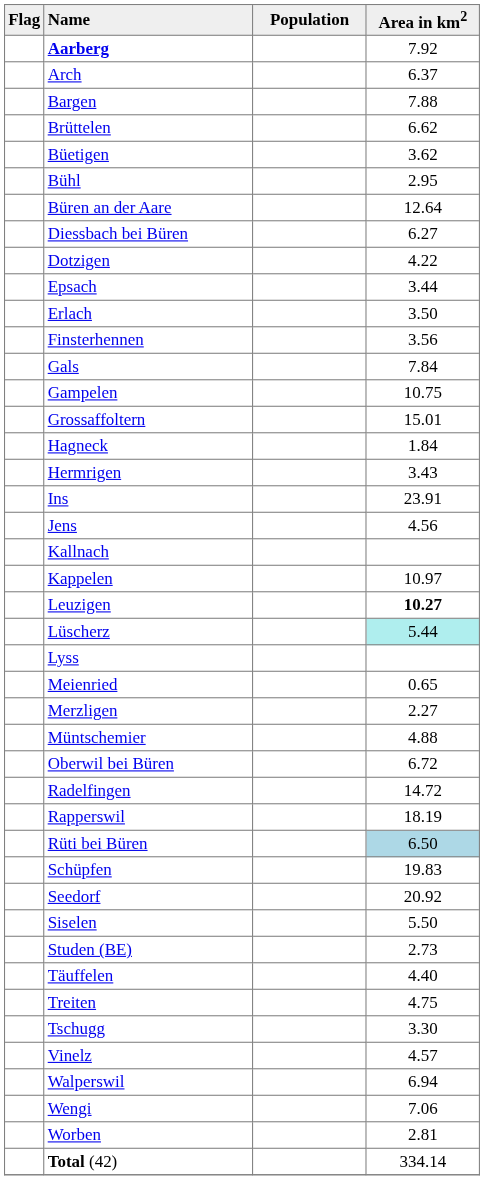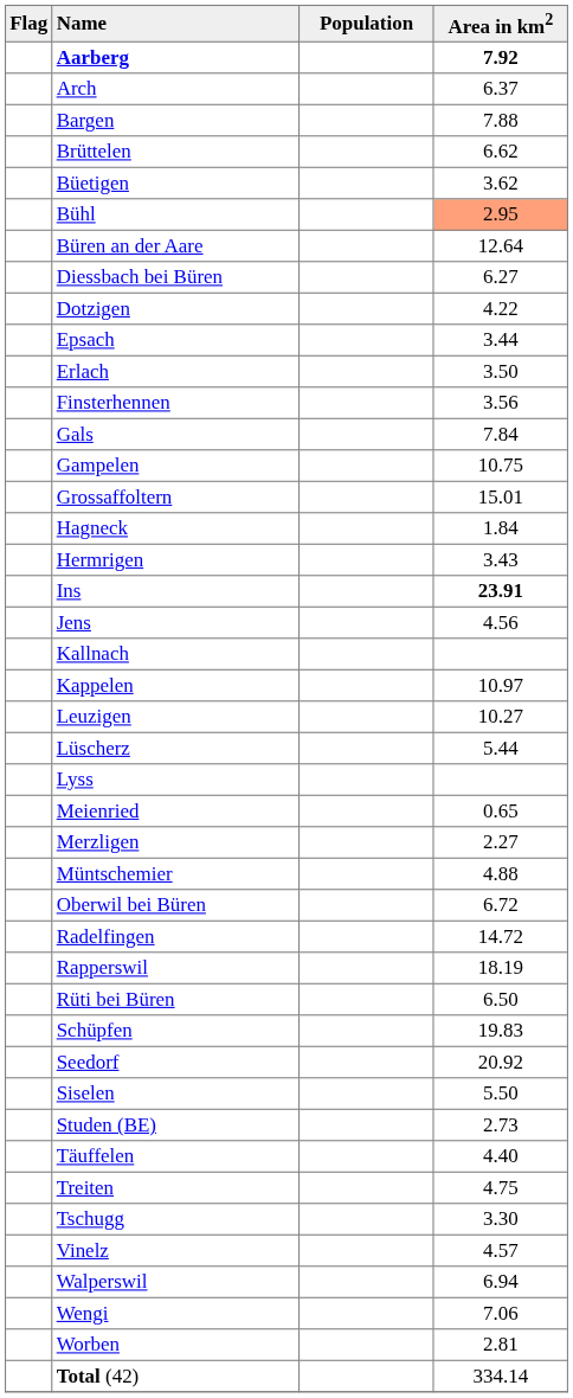 <table cellpadding="3" cellspacing="0" border="1" style="border: gray solid 1px; border-collapse: collapse;">
 <tr>
 <th colspan=1 align=center bgcolor="#EFEFEF">Flag</th>
 <th colspan=1 align=left bgcolor="#EFEFEF" width="190">Name</th>
 <th colspan=1 align=center bgcolor="#EFEFEF" width="100">Population<br></th>
 <th colspan=1 align=center bgcolor="#EFEFEF" width="100">Area in km<sup>2</sup></th>
 </tr>
 <tr>
 <td align="center"></td>
 <td><strong><a href='#'>Aarberg</a></strong></td>
 <td align="center"></td>
-<td align="center">7.92</td>
+<td align="center"><strong>7.92</strong></td>
 </tr>
 <tr>
 <td align="center"></td>
 <td><a href='#'>Arch</a></td>
 <td align="center"></td>
 <td align="center">6.37</td>
 </tr>
 <tr>
 <td align="center"></td>
 <td><a href='#'>Bargen</a></td>
 <td align="center"></td>
 <td align="center">7.88</td>
 </tr>
 <tr>
 <td align="center"></td>
 <td><a href='#'>Brüttelen</a></td>
 <td align="center"></td>
 <td align="center">6.62</td>
 </tr>
 <tr>
 <td align="center"></td>
 <td><a href='#'>Büetigen</a></td>
 <td align="center"></td>
 <td align="center">3.62</td>
 </tr>
 <tr>
 <td align="center"></td>
 <td><a href='#'>Bühl</a></td>
 <td align="center"></td>
-<td align="center">2.95</td>
+<td align="center" style="background: lightsalmon;">2.95</td>
 </tr>
 <tr>
 <td align="center"></td>
 <td><a href='#'>Büren an der Aare</a></td>
 <td align="center"></td>
 <td align="center">12.64</td>
 </tr>
 <tr>
 <td align="center"></td>
 <td><a href='#'>Diessbach bei Büren</a></td>
 <td align="center"></td>
 <td align="center">6.27</td>
 </tr>
 <tr>
 <td align="center"></td>
 <td><a href='#'>Dotzigen</a></td>
 <td align="center"></td>
 <td align="center">4.22</td>
 </tr>
 <tr>
 <td align="center"></td>
 <td><a href='#'>Epsach</a></td>
 <td align="center"></td>
 <td align="center">3.44</td>
 </tr>
 <tr>
 <td align="center"></td>
 <td><a href='#'>Erlach</a></td>
 <td align="center"></td>
 <td align="center">3.50</td>
 </tr>
 <tr>
 <td align="center"></td>
 <td><a href='#'>Finsterhennen</a></td>
 <td align="center"></td>
 <td align="center">3.56</td>
 </tr>
 <tr>
 <td align="center"></td>
 <td><a href='#'>Gals</a></td>
 <td align="center"></td>
 <td align="center">7.84</td>
 </tr>
 <tr>
 <td align="center"></td>
 <td><a href='#'>Gampelen</a></td>
 <td align="center"></td>
 <td align="center">10.75</td>
 </tr>
 <tr>
 <td align="center"></td>
 <td><a href='#'>Grossaffoltern</a></td>
 <td align="center"></td>
 <td align="center">15.01</td>
 </tr>
 <tr>
 <td align="center"></td>
 <td><a href='#'>Hagneck</a></td>
 <td align="center"></td>
 <td align="center">1.84</td>
 </tr>
 <tr>
 <td align="center"></td>
 <td><a href='#'>Hermrigen</a></td>
 <td align="center"></td>
 <td align="center">3.43</td>
 </tr>
 <tr>
 <td align="center"></td>
 <td><a href='#'>Ins</a></td>
 <td align="center"></td>
-<td align="center">23.91</td>
+<td align="center"><strong>23.91</strong></td>
 </tr>
 <tr>
 <td align="center"></td>
 <td><a href='#'>Jens</a></td>
 <td align="center"></td>
 <td align="center">4.56</td>
 </tr>
 <tr>
 <td align="center"></td>
 <td><a href='#'>Kallnach</a></td>
 <td align="center"></td>
 <td align="center"></td>
 </tr>
 <tr>
 <td align="center"></td>
 <td><a href='#'>Kappelen</a></td>
 <td align="center"></td>
 <td align="center">10.97</td>
 </tr>
 <tr>
 <td align="center"></td>
 <td><a href='#'>Leuzigen</a></td>
 <td align="center"></td>
-<td align="center"><strong>10.27</strong></td>
+<td align="center">10.27</td>
 </tr>
 <tr>
 <td align="center"></td>
 <td><a href='#'>Lüscherz</a></td>
 <td align="center"></td>
-<td align="center" style="background: paleturquoise;">5.44</td>
+<td align="center">5.44</td>
 </tr>
 <tr>
 <td align="center"></td>
 <td><a href='#'>Lyss</a></td>
 <td align="center"></td>
 <td align="center"></td>
 </tr>
 <tr>
 <td align="center"></td>
 <td><a href='#'>Meienried</a></td>
 <td align="center"></td>
 <td align="center">0.65</td>
 </tr>
 <tr>
 <td align="center"></td>
 <td><a href='#'>Merzligen</a></td>
 <td align="center"></td>
 <td align="center">2.27</td>
 </tr>
 <tr>
 <td align="center"></td>
 <td><a href='#'>Müntschemier</a></td>
 <td align="center"></td>
 <td align="center">4.88</td>
 </tr>
 <tr>
 <td align="center"></td>
 <td><a href='#'>Oberwil bei Büren</a></td>
 <td align="center"></td>
 <td align="center">6.72</td>
 </tr>
 <tr>
 <td align="center"></td>
 <td><a href='#'>Radelfingen</a></td>
 <td align="center"></td>
 <td align="center">14.72</td>
 </tr>
 <tr>
 <td align="center"></td>
 <td><a href='#'>Rapperswil</a></td>
 <td align="center"></td>
 <td align="center">18.19</td>
 </tr>
 <tr>
 <td align="center"></td>
 <td><a href='#'>Rüti bei Büren</a></td>
 <td align="center"></td>
-<td align="center" style="background: lightblue;">6.50</td>
+<td align="center">6.50</td>
 </tr>
 <tr>
 <td align="center"></td>
 <td><a href='#'>Schüpfen</a></td>
 <td align="center"></td>
 <td align="center">19.83</td>
 </tr>
 <tr>
 <td align="center"></td>
 <td><a href='#'>Seedorf</a></td>
 <td align="center"></td>
 <td align="center">20.92</td>
 </tr>
 <tr>
 <td align="center"></td>
 <td><a href='#'>Siselen</a></td>
 <td align="center"></td>
 <td align="center">5.50</td>
 </tr>
 <tr>
 <td align="center"></td>
 <td><a href='#'>Studen (BE)</a></td>
 <td align="center"></td>
 <td align="center">2.73</td>
 </tr>
 <tr>
 <td align="center"></td>
 <td><a href='#'>Täuffelen</a></td>
 <td align="center"></td>
 <td align="center">4.40</td>
 </tr>
 <tr>
 <td align="center"></td>
 <td><a href='#'>Treiten</a></td>
 <td align="center"></td>
 <td align="center">4.75</td>
 </tr>
 <tr>
 <td align="center"></td>
 <td><a href='#'>Tschugg</a></td>
 <td align="center"></td>
 <td align="center">3.30</td>
 </tr>
 <tr>
 <td align="center"></td>
 <td><a href='#'>Vinelz</a></td>
 <td align="center"></td>
 <td align="center">4.57</td>
 </tr>
 <tr>
 <td align="center"></td>
 <td><a href='#'>Walperswil</a></td>
 <td align="center"></td>
 <td align="center">6.94</td>
 </tr>
 <tr>
 <td align="center"></td>
 <td><a href='#'>Wengi</a></td>
 <td align="center"></td>
 <td align="center">7.06</td>
 </tr>
 <tr>
 <td align="center"></td>
 <td><a href='#'>Worben</a></td>
 <td align="center"></td>
 <td align="center">2.81</td>
 </tr>
 <tr>
 <td></td>
 <td><strong>Total</strong> (42)</td>
 <td align="center"></td>
 <td align="center">334.14</td>
 </tr>
 <tr>
 </tr>
 </table>
